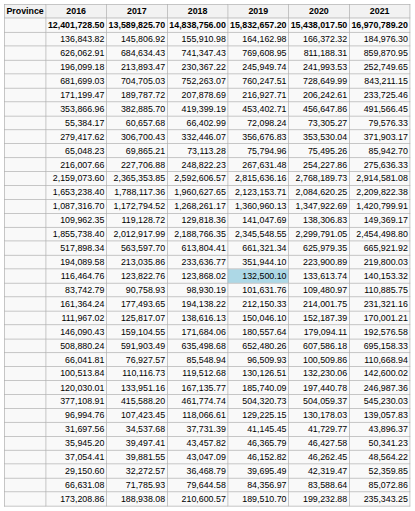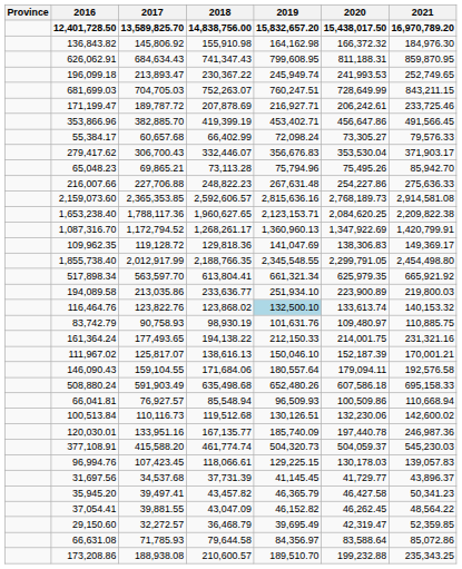 <table class="wikitable sortable sticky-header static-row-numbers" style="text-align:center; font-size:85%;">
 <tr BPS estimates between 2016 and 2021 (billion >
 <th>Province</th>
 <th data-sort-type="number">2016</th>
 <th data-sort-type="number">2017</th>
 <th data-sort-type="number">2018</th>
 <th data-sort-type="number">2019</th>
 <th data-sort-type="number">2020</th>
 <th data-sort-type="number">2021</th>
 </tr>
 <tr class="sorttop static-row-header" style="font-weight: bold;">
 <td></td>
 <td>12,401,728.50</td>
 <td>13,589,825.70</td>
 <td>14,838,756.00</td>
 <td>15,832,657.20</td>
 <td>15,438,017.50</td>
 <td>16,970,789.20</td>
 </tr>
 <tr>
 <td></td>
 <td align=right>136,843.82</td>
 <td align=right>145,806.92</td>
 <td align=right>155,910.98</td>
 <td align=right>164,162.98</td>
 <td align=right>166,372.32</td>
 <td align=right>184,976.30</td>
 </tr>
 <tr>
 <td></td>
 <td align=right>626,062.91</td>
 <td align=right>684,634.43</td>
 <td align=right>741,347.43</td>
-<td align=right>769,608.95</td>
+<td align=right>799,608.95</td>
 <td align=right>811,188.31</td>
 <td align=right>859,870.95</td>
 </tr>
 <tr>
 <td></td>
 <td align=right>196,099.18</td>
 <td align=right>213,893.47</td>
 <td align=right>230,367.22</td>
 <td align=right>245,949.74</td>
 <td align=right>241,993.53</td>
 <td align=right>252,749.65</td>
 </tr>
 <tr>
 <td></td>
 <td align=right>681,699.03</td>
 <td align=right>704,705.03</td>
 <td align=right>752,263.07</td>
 <td align=right>760,247.51</td>
 <td align=right>728,649.99</td>
 <td align=right>843,211.15</td>
 </tr>
 <tr>
 <td></td>
 <td align=right>171,199.47</td>
 <td align=right>189,787.72</td>
 <td align=right>207,878.69</td>
 <td align=right>216,927.71</td>
 <td align=right>206,242.61</td>
 <td align=right>233,725.46</td>
 </tr>
 <tr>
 <td></td>
 <td align=right>353,866.96</td>
 <td align=right>382,885.70</td>
 <td align=right>419,399.19</td>
 <td align=right>453,402.71</td>
 <td align=right>456,647.86</td>
 <td align=right>491,566.45</td>
 </tr>
 <tr>
 <td></td>
 <td align=right>55,384.17</td>
 <td align=right>60,657.68</td>
 <td align=right>66,402.99</td>
 <td align=right>72,098.24</td>
 <td align=right>73,305.27</td>
 <td align=right>79,576.33</td>
 </tr>
 <tr>
 <td></td>
 <td align=right>279,417.62</td>
 <td align=right>306,700.43</td>
 <td align=right>332,446.07</td>
 <td align=right>356,676.83</td>
 <td align=right>353,530.04</td>
 <td align=right>371,903.17</td>
 </tr>
 <tr>
 <td></td>
 <td align=right>65,048.23</td>
 <td align=right>69,865.21</td>
 <td align=right>73,113.28</td>
 <td align=right>75,794.96</td>
 <td align=right>75,495.26</td>
 <td align=right>85,942.70</td>
 </tr>
 <tr>
 <td></td>
 <td align=right>216,007.66</td>
 <td align=right>227,706.88</td>
 <td align=right>248,822.23</td>
 <td align=right>267,631.48</td>
 <td align=right>254,227.86</td>
 <td align=right>275,636.33</td>
 </tr>
 <tr>
 <td></td>
 <td align=right>2,159,073.60</td>
 <td align=right>2,365,353.85</td>
 <td align=right>2,592,606.57</td>
 <td align=right>2,815,636.16</td>
 <td align=right>2,768,189.73</td>
 <td align=right>2,914,581.08</td>
 </tr>
 <tr>
 <td></td>
 <td align=right>1,653,238.40</td>
 <td align=right>1,788,117.36</td>
 <td align=right>1,960,627.65</td>
 <td align=right>2,123,153.71</td>
 <td align=right>2,084,620.25</td>
 <td align=right>2,209,822.38</td>
 </tr>
 <tr>
 <td></td>
 <td align=right>1,087,316.70</td>
 <td align=right>1,172,794.52</td>
 <td align=right>1,268,261.17</td>
 <td align=right>1,360,960.13</td>
 <td align=right>1,347,922.69</td>
 <td align=right>1,420,799.91</td>
 </tr>
 <tr>
 <td></td>
 <td align=right>109,962.35</td>
 <td align=right>119,128.72</td>
 <td align=right>129,818.36</td>
 <td align=right>141,047.69</td>
 <td align=right>138,306.83</td>
 <td align=right>149,369.17</td>
 </tr>
 <tr>
 <td></td>
 <td align=right>1,855,738.40</td>
 <td align=right>2,012,917.99</td>
 <td align=right>2,188,766.35</td>
 <td align=right>2,345,548.55</td>
 <td align=right>2,299,791.05</td>
 <td align=right>2,454,498.80</td>
 </tr>
 <tr>
 <td></td>
 <td align=right>517,898.34</td>
 <td align=right>563,597.70</td>
 <td align=right>613,804.41</td>
 <td align=right>661,321.34</td>
 <td align=right>625,979.35</td>
 <td align=right>665,921.92</td>
 </tr>
 <tr>
 <td></td>
 <td align=right>194,089.58</td>
 <td align=right>213,035.86</td>
 <td align=right>233,636.77</td>
-<td align=right>351,944.10</td>
+<td align=right>251,934.10</td>
 <td align=right>223,900.89</td>
 <td align=right>219,800.03</td>
 </tr>
 <tr>
 <td></td>
 <td align=right>116,464.76</td>
 <td align=right>123,822.76</td>
 <td align=right>123,868.02</td>
 <td align=right style="background: lightblue;">132,500.10</td>
 <td align=right>133,613.74</td>
 <td align=right>140,153.32</td>
 </tr>
 <tr>
 <td></td>
 <td align=right>83,742.79</td>
 <td align=right>90,758.93</td>
 <td align=right>98,930.19</td>
 <td align=right>101,631.76</td>
 <td align=right>109,480.97</td>
 <td align=right>110,885.75</td>
 </tr>
 <tr>
 <td></td>
 <td align=right>161,364.24</td>
 <td align=right>177,493.65</td>
 <td align=right>194,138.22</td>
 <td align=right>212,150.33</td>
 <td align=right>214,001.75</td>
 <td align=right>231,321.16</td>
 </tr>
 <tr>
 <td></td>
 <td align=right>111,967.02</td>
 <td align=right>125,817.07</td>
 <td align=right>138,616.13</td>
 <td align=right>150,046.10</td>
 <td align=right>152,187.39</td>
 <td align=right>170,001.21</td>
 </tr>
 <tr>
 <td></td>
 <td align=right>146,090.43</td>
 <td align=right>159,104.55</td>
 <td align=right>171,684.06</td>
 <td align=right>180,557.64</td>
 <td align=right>179,094.11</td>
 <td align=right>192,576.58</td>
 </tr>
 <tr>
 <td></td>
 <td align=right>508,880.24</td>
 <td align=right>591,903.49</td>
 <td align=right>635,498.68</td>
 <td align=right>652,480.26</td>
 <td align=right>607,586.18</td>
 <td align=right>695,158.33</td>
 </tr>
 <tr>
 <td></td>
 <td align=right>66,041.81</td>
 <td align=right>76,927.57</td>
 <td align=right>85,548.94</td>
 <td align=right>96,509.93</td>
 <td align=right>100,509.86</td>
 <td align=right>110,668.94</td>
 </tr>
 <tr>
 <td></td>
 <td align=right>100,513.84</td>
 <td align=right>110,116.73</td>
 <td align=right>119,512.68</td>
 <td align=right>130,126.51</td>
 <td align=right>132,230.06</td>
 <td align=right>142,600.02</td>
 </tr>
 <tr>
 <td></td>
 <td align=right>120,030.01</td>
 <td align=right>133,951.16</td>
 <td align=right>167,135.77</td>
 <td align=right>185,740.09</td>
 <td align=right>197,440.78</td>
 <td align=right>246,987.36</td>
 </tr>
 <tr>
 <td></td>
 <td align=right>377,108.91</td>
 <td align=right>415,588.20</td>
 <td align=right>461,774.74</td>
 <td align=right>504,320.73</td>
 <td align=right>504,059.37</td>
 <td align=right>545,230.03</td>
 </tr>
 <tr>
 <td></td>
 <td align=right>96,994.76</td>
 <td align=right>107,423.45</td>
 <td align=right>118,066.61</td>
 <td align=right>129,225.15</td>
 <td align=right>130,178.03</td>
 <td align=right>139,057.83</td>
 </tr>
 <tr>
 <td></td>
 <td align=right>31,697.56</td>
 <td align=right>34,537.68</td>
 <td align=right>37,731.39</td>
 <td align=right>41,145.45</td>
 <td align=right>41,729.77</td>
 <td align=right>43,896.37</td>
 </tr>
 <tr>
 <td></td>
 <td align=right>35,945.20</td>
 <td align=right>39,497.41</td>
 <td align=right>43,457.82</td>
 <td align=right>46,365.79</td>
 <td align=right>46,427.58</td>
 <td align=right>50,341.23</td>
 </tr>
 <tr>
 <td></td>
 <td align=right>37,054.41</td>
 <td align=right>39,881.55</td>
 <td align=right>43,047.09</td>
 <td align=right>46,152.82</td>
 <td align=right>46,262.45</td>
 <td align=right>48,564.22</td>
 </tr>
 <tr>
 <td></td>
 <td align=right>29,150.60</td>
 <td align=right>32,272.57</td>
 <td align=right>36,468.79</td>
 <td align=right>39,695.49</td>
 <td align=right>42,319.47</td>
 <td align=right>52,359.85</td>
 </tr>
 <tr>
 <td></td>
 <td align=right>66,631.08</td>
 <td align=right>71,785.93</td>
 <td align=right>79,644.58</td>
 <td align=right>84,356.97</td>
 <td align=right>83,588.64</td>
 <td align=right>85,072.86</td>
 </tr>
 <tr>
 <td></td>
 <td align=right>173,208.86</td>
 <td align=right>188,938.08</td>
 <td align=right>210,600.57</td>
 <td align=right>189,510.70</td>
 <td align=right>199,232.88</td>
 <td align=right>235,343.25</td>
 </tr>
 </table>
